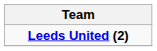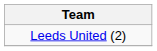 <table class="wikitable" style="text-align:center;">
 <tr>
 <th width=175>Team</th>
 </tr>
 <tr>
-<td><strong><a href='#'>Leeds United</a> (2)</strong></td>
+<td><a href='#'>Leeds United</a> (2)</td>
 </tr>
 <tr>
 </tr>
 </table>
